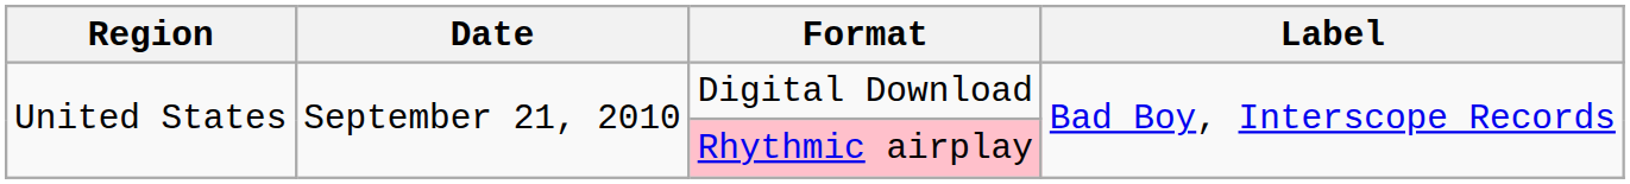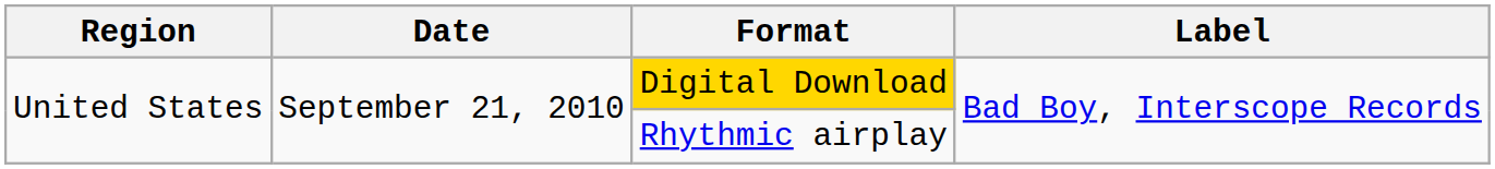 <table class="wikitable">
 <tr>
 <th>Region</th>
 <th>Date</th>
 <th>Format</th>
 <th>Label</th>
 </tr>
 <tr>
 <td rowspan="2">United States</td>
 <td rowspan="2">September 21, 2010</td>
-<td>Digital Download</td>
+<td style="background: gold;">Digital Download</td>
 <td rowspan="2"><a href='#'>Bad Boy</a>, <a href='#'>Interscope Records</a></td>
 </tr>
 <tr>
-<td style="background: pink;"><a href='#'>Rhythmic</a> airplay</td>
+<td><a href='#'>Rhythmic</a> airplay</td>
 </tr>
 </table>
